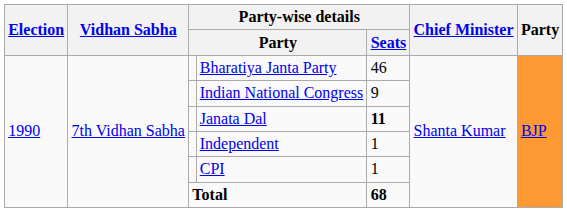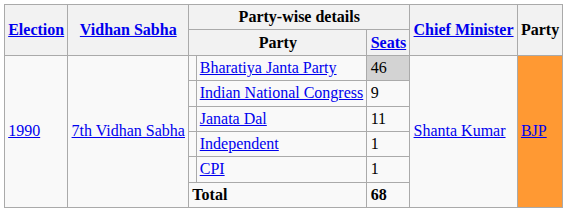 <table class="wikitable sortable">
 <tr>
 <th rowspan="2"><a href='#'>Election</a></th>
 <th rowspan="2"><a href='#'>Vidhan Sabha</a></th>
 <th colspan="3">Party-wise details</th>
 <th rowspan="2"><a href='#'>Chief Minister</a></th>
 <th rowspan="2">Party</th>
 </tr>
 <tr>
 <th colspan="2">Party</th>
 <th><a href='#'>Seats</a></th>
 </tr>
 <tr>
 <td rowspan="6"><a href='#'>1990</a></td>
 <td rowspan="6"><a href='#'>7th Vidhan Sabha</a></td>
 <td style="background-color: "></td>
 <td><a href='#'>Bharatiya Janta Party</a></td>
-<td>46</td>
+<td style="background: lightgrey;">46</td>
 <td rowspan="6"><a href='#'>Shanta Kumar</a></td>
 <td rowspan="6" bgcolor="#FF9933" ;><a href='#'>BJP</a></td>
 </tr>
 <tr>
 <td style="background-color: "></td>
 <td><a href='#'>Indian National Congress</a></td>
 <td>9</td>
 </tr>
 <tr>
 <td style="background-color: "></td>
 <td><a href='#'>Janata Dal</a></td>
-<td><strong>11</strong></td>
+<td>11</td>
 </tr>
 <tr>
 <td style="background-color: "></td>
 <td><a href='#'>Independent</a></td>
 <td>1</td>
 </tr>
 <tr>
 <td style="background-color: "></td>
 <td><a href='#'>CPI</a></td>
 <td>1</td>
 </tr>
 <tr>
 <td colspan="2"><strong>Total</strong></td>
 <td><strong>68</strong></td>
 </tr>
 </table>
